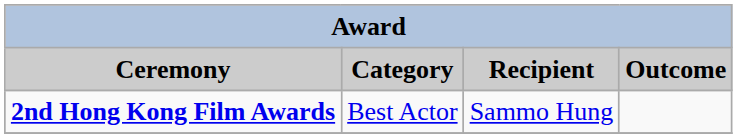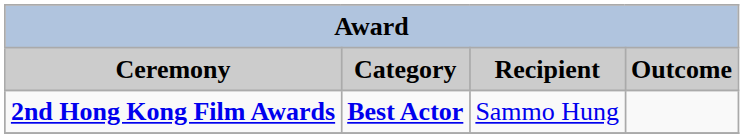 <table class="wikitable" style="font-size:95%;" ;>
 <tr style="background:#ccc; text-align:center;">
 <th colspan="4" style="background: LightSteelBlue;">Award</th>
 </tr>
 <tr style="background:#ccc; text-align:center;">
 <th style="background:#ccc">Ceremony</th>
 <th style="background:#ccc">Category</th>
 <th style="background:#ccc">Recipient</th>
 <th style="background:#ccc">Outcome</th>
 </tr>
 <tr>
 <td><strong><a href='#'>2nd Hong Kong Film Awards</a></strong></td>
-<td><a href='#'>Best Actor</a></td>
+<td><strong><a href='#'>Best Actor</a></strong></td>
 <td><a href='#'>Sammo Hung</a></td>
 <td></td>
 </tr>
 <tr>
 </tr>
 </table>
